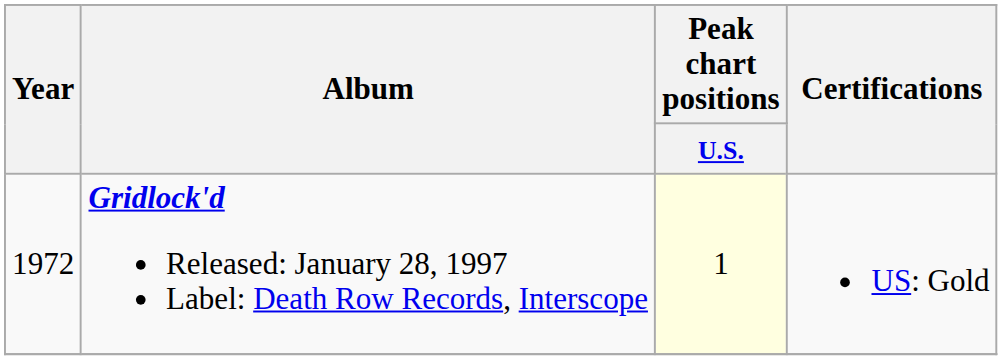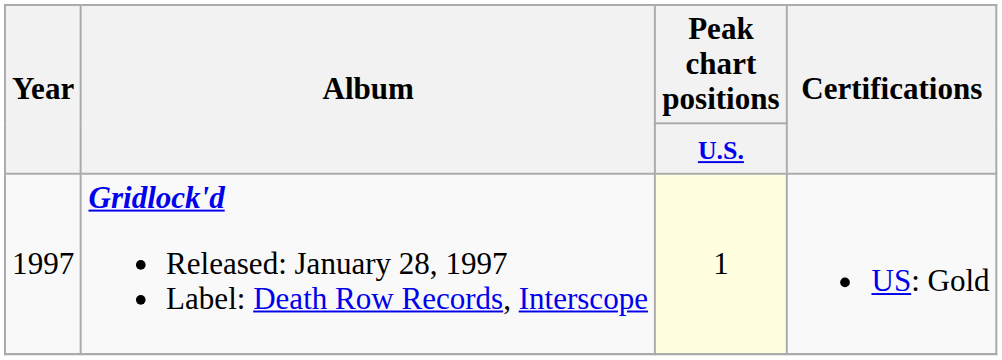 <table class="wikitable">
 <tr>
 <th rowspan="2">Year</th>
 <th rowspan="2">Album</th>
 <th colspan="1">Peak chart positions</th>
 <th rowspan="2">Certifications</th>
 </tr>
 <tr>
 <th width=40><small><a href='#'>U.S.</a></small></th>
 </tr>
 <tr>
-<td>1972</td>
+<td>1997</td>
 <td><strong><em><a href='#'>Gridlock'd</a></em></strong><br><ul><li>Released: January 28, 1997</li><li>Label: <a href='#'>Death Row Records</a>, <a href='#'>Interscope</a></li></ul></td>
 <td align="center" style="background: lightyellow;">1</td>
 <td><br><ul><li><a href='#'>US</a>: Gold</li></ul></td>
 </tr>
 <tr>
 </tr>
 </table>
